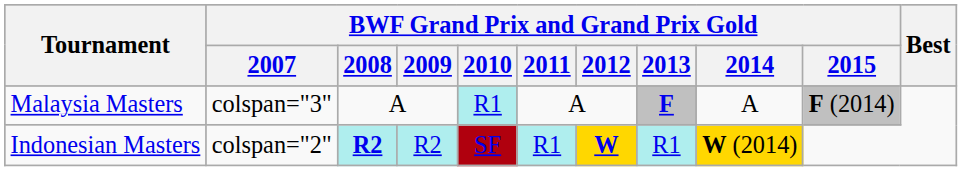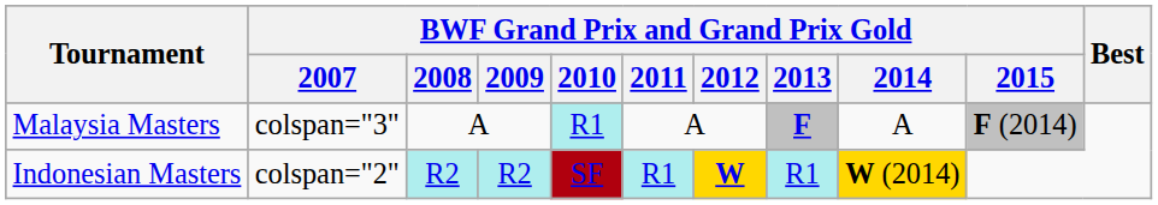 <table class="wikitable" style="font-size: 90%; text-align:center">
 <tr>
 <th rowspan="2">Tournament</th>
 <th colspan="9"><strong><a href='#'>BWF Grand Prix and Grand Prix Gold</a></strong></th>
 <th rowspan="2">Best</th>
 </tr>
 <tr>
 <th><a href='#'>2007</a></th>
 <th><a href='#'>2008</a></th>
 <th><a href='#'>2009</a></th>
 <th><a href='#'>2010</a></th>
 <th><a href='#'>2011</a></th>
 <th><a href='#'>2012</a></th>
 <th><a href='#'>2013</a></th>
 <th><a href='#'>2014</a></th>
 <th><a href='#'>2015</a></th>
 </tr>
 <tr>
 <td align=left><a href='#'>Malaysia Masters</a></td>
 <td>colspan="3" </td>
 <td colspan="2">A</td>
 <td bgcolor=AFEEEE><a href='#'>R1</a></td>
 <td colspan="2">A</td>
 <td bgcolor=Silver><a href='#'><strong>F</strong></a></td>
 <td>A</td>
 <td bgcolor=Silver><strong>F</strong> (2014)</td>
 </tr>
 <tr>
 <td align=left><a href='#'>Indonesian Masters</a></td>
 <td>colspan="2" </td>
-<td bgcolor=AFEEEE><strong><a href='#'>R2</a></strong></td>
+<td bgcolor=AFEEEE><a href='#'>R2</a></td>
 <td bgcolor=AFEEEE><a href='#'>R2</a></td>
 <td bgcolor=Bronze><a href='#'>SF</a></td>
 <td bgcolor=AFEEEE><a href='#'>R1</a></td>
 <td bgcolor=Gold><a href='#'><strong>W</strong></a></td>
 <td bgcolor=AFEEEE><a href='#'>R1</a></td>
 <td bgcolor=Gold><strong>W</strong> (2014)</td>
 </tr>
 </table>
